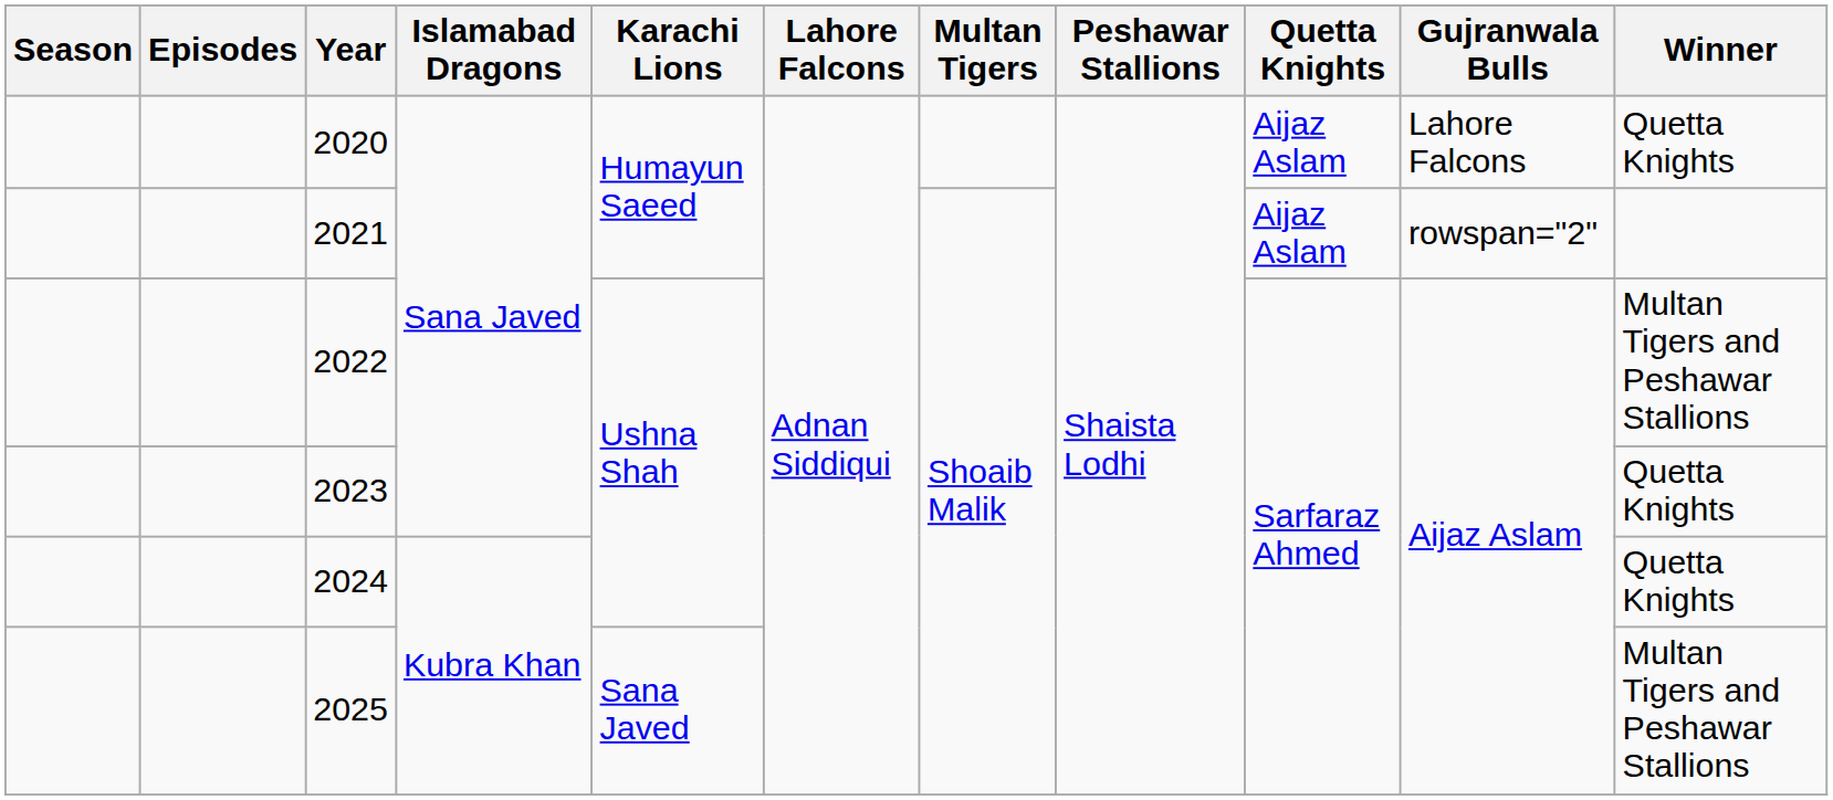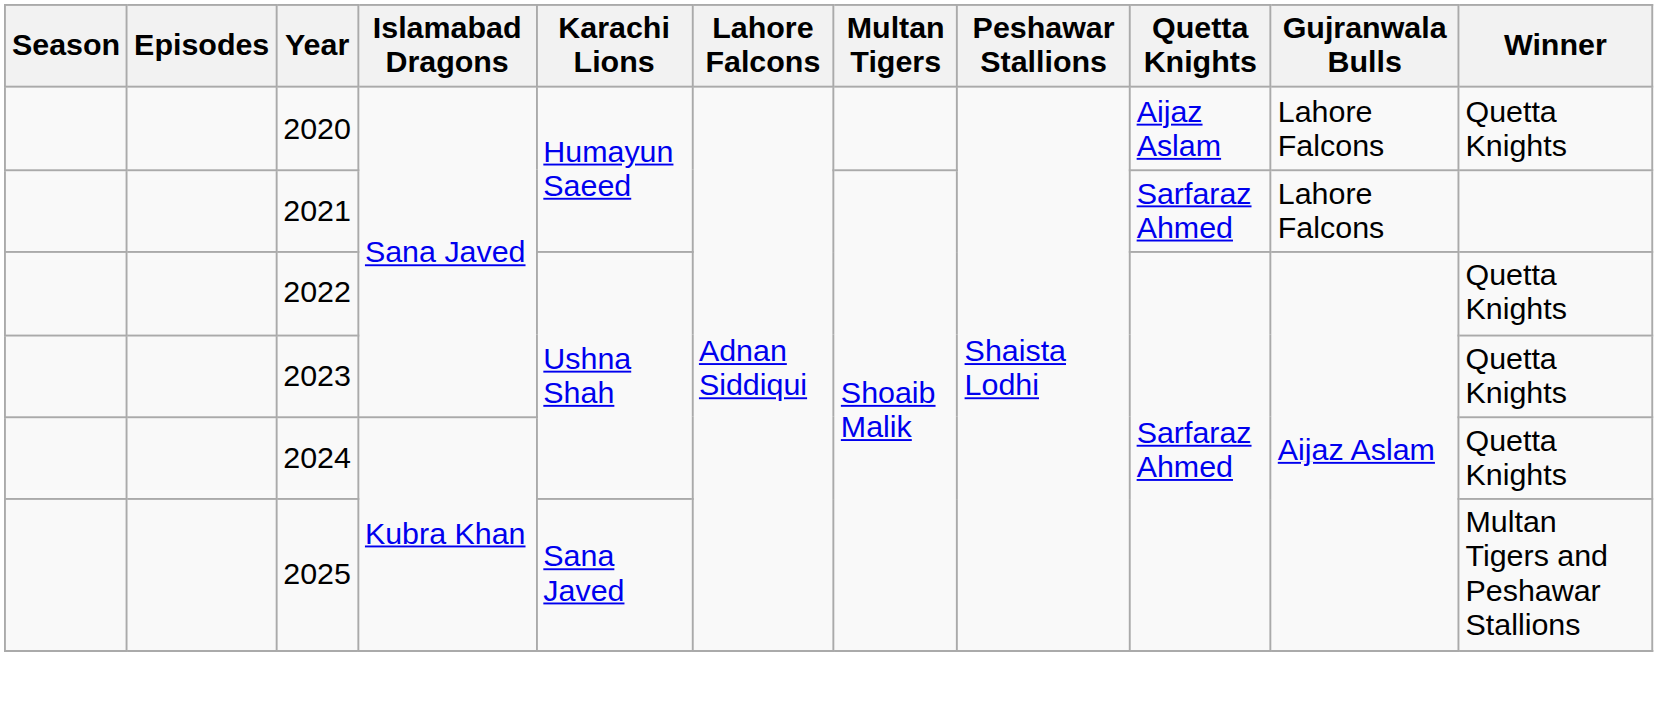 <table class="wikitable">
 <tr>
 <th>Season</th>
 <th>Episodes</th>
 <th>Year</th>
 <th>Islamabad Dragons</th>
 <th>Karachi Lions</th>
 <th>Lahore Falcons</th>
 <th>Multan Tigers</th>
 <th>Peshawar Stallions</th>
 <th>Quetta Knights</th>
 <th>Gujranwala Bulls</th>
 <th>Winner</th>
 </tr>
 <tr>
 <td style="white-space:nowrap"></td>
 <td style="white-space:nowrap"></td>
 <td>2020</td>
 <td rowspan="4"><a href='#'>Sana Javed</a></td>
 <td rowspan="2"><a href='#'>Humayun Saeed</a></td>
 <td rowspan="6"><a href='#'>Adnan Siddiqui</a></td>
 <td></td>
 <td rowspan="6"><a href='#'>Shaista Lodhi</a></td>
 <td><a href='#'>Aijaz Aslam</a></td>
 <td>Lahore Falcons</td>
 <td>Quetta Knights</td>
 </tr>
 <tr>
 <td style="white-space:nowrap"></td>
 <td style="white-space:nowrap"></td>
 <td>2021</td>
 <td rowspan="5"><a href='#'>Shoaib Malik</a></td>
-<td><a href='#'>Aijaz Aslam</a></td>
-<td>rowspan="2" </td>
+<td><a href='#'>Sarfaraz Ahmed</a></td>
+<td>Lahore Falcons</td>
 </tr>
 <tr>
 <td style="white-space:nowrap"></td>
 <td style="white-space:nowrap"></td>
 <td>2022</td>
 <td rowspan="3"><a href='#'>Ushna Shah</a></td>
 <td rowspan="4"><a href='#'>Sarfaraz Ahmed</a></td>
 <td rowspan="4"><a href='#'>Aijaz Aslam</a></td>
-<td>Multan Tigers and Peshawar Stallions</td>
+<td>Quetta Knights</td>
 </tr>
 <tr>
 <td style="white-space:nowrap"></td>
 <td style="white-space:nowrap"></td>
 <td>2023</td>
 <td>Quetta Knights</td>
 </tr>
 <tr>
 <td style="white-space:nowrap"></td>
 <td style="white-space:nowrap"></td>
 <td>2024</td>
 <td rowspan="2"><a href='#'>Kubra Khan</a></td>
 <td>Quetta Knights</td>
 </tr>
 <tr>
 <td style="white-space:nowrap"></td>
 <td style="white-space:nowrap"></td>
 <td>2025</td>
 <td><a href='#'>Sana Javed</a></td>
 <td>Multan Tigers and Peshawar Stallions</td>
 </tr>
 <tr>
 </tr>
 </table>
